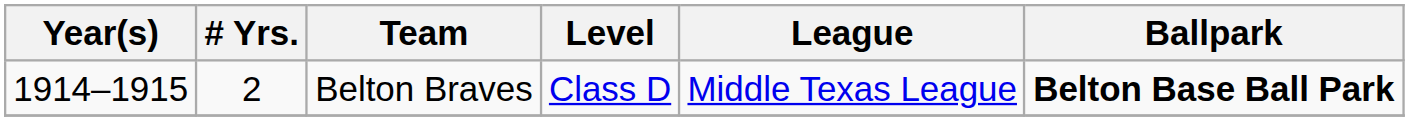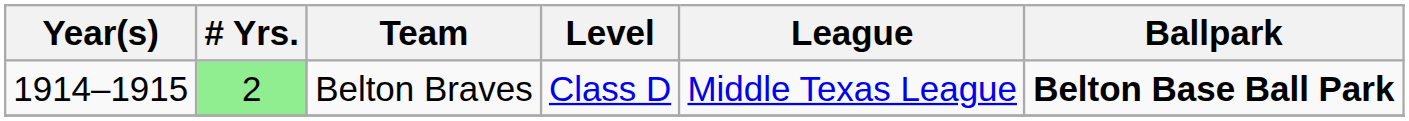 <table class="wikitable" style="text-align:center; font-size: 95%;">
 <tr>
 <th>Year(s)</th>
 <th># Yrs.</th>
 <th>Team</th>
 <th>Level</th>
 <th>League</th>
 <th>Ballpark</th>
 </tr>
 <tr>
 <td>1914–1915</td>
-<td>2</td>
+<td style="background: lightgreen;">2</td>
 <td>Belton Braves</td>
 <td><a href='#'>Class D</a></td>
 <td><a href='#'>Middle Texas League</a></td>
 <td><strong>Belton Base Ball Park</strong></td>
 </tr>
 <tr>
 </tr>
 </table>
